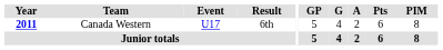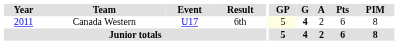 <table border="0" cellpadding="1" cellspacing="0" ID="Table3" style="text-align:center; width:40em">
 <tr ALIGN="center" bgcolor="#e0e0e0">
 <th>Year</th>
 <th>Team</th>
 <th>Event</th>
 <th>Result</th>
 <th rowspan="99" bgcolor="#ffffff"></th>
 <th>GP</th>
 <th>G</th>
 <th>A</th>
 <th>Pts</th>
 <th>PIM</th>
 </tr>
 <tr>
-<td><strong><a href='#'>2011</a></strong></td>
+<td><a href='#'>2011</a></td>
 <td>Canada Western</td>
 <td><a href='#'>U17</a></td>
 <td>6th</td>
-<td>5</td>
-<td>4</td>
+<td style="background: lightyellow;">5</td>
+<td><strong>4</strong></td>
 <td>2</td>
 <td>6</td>
 <td>8</td>
 </tr>
 <tr bgcolor="#e0e0e0">
 <th colspan="4">Junior totals</th>
 <th>5</th>
 <th>4</th>
 <th>2</th>
 <th>6</th>
 <th>8</th>
 </tr>
 </table>
